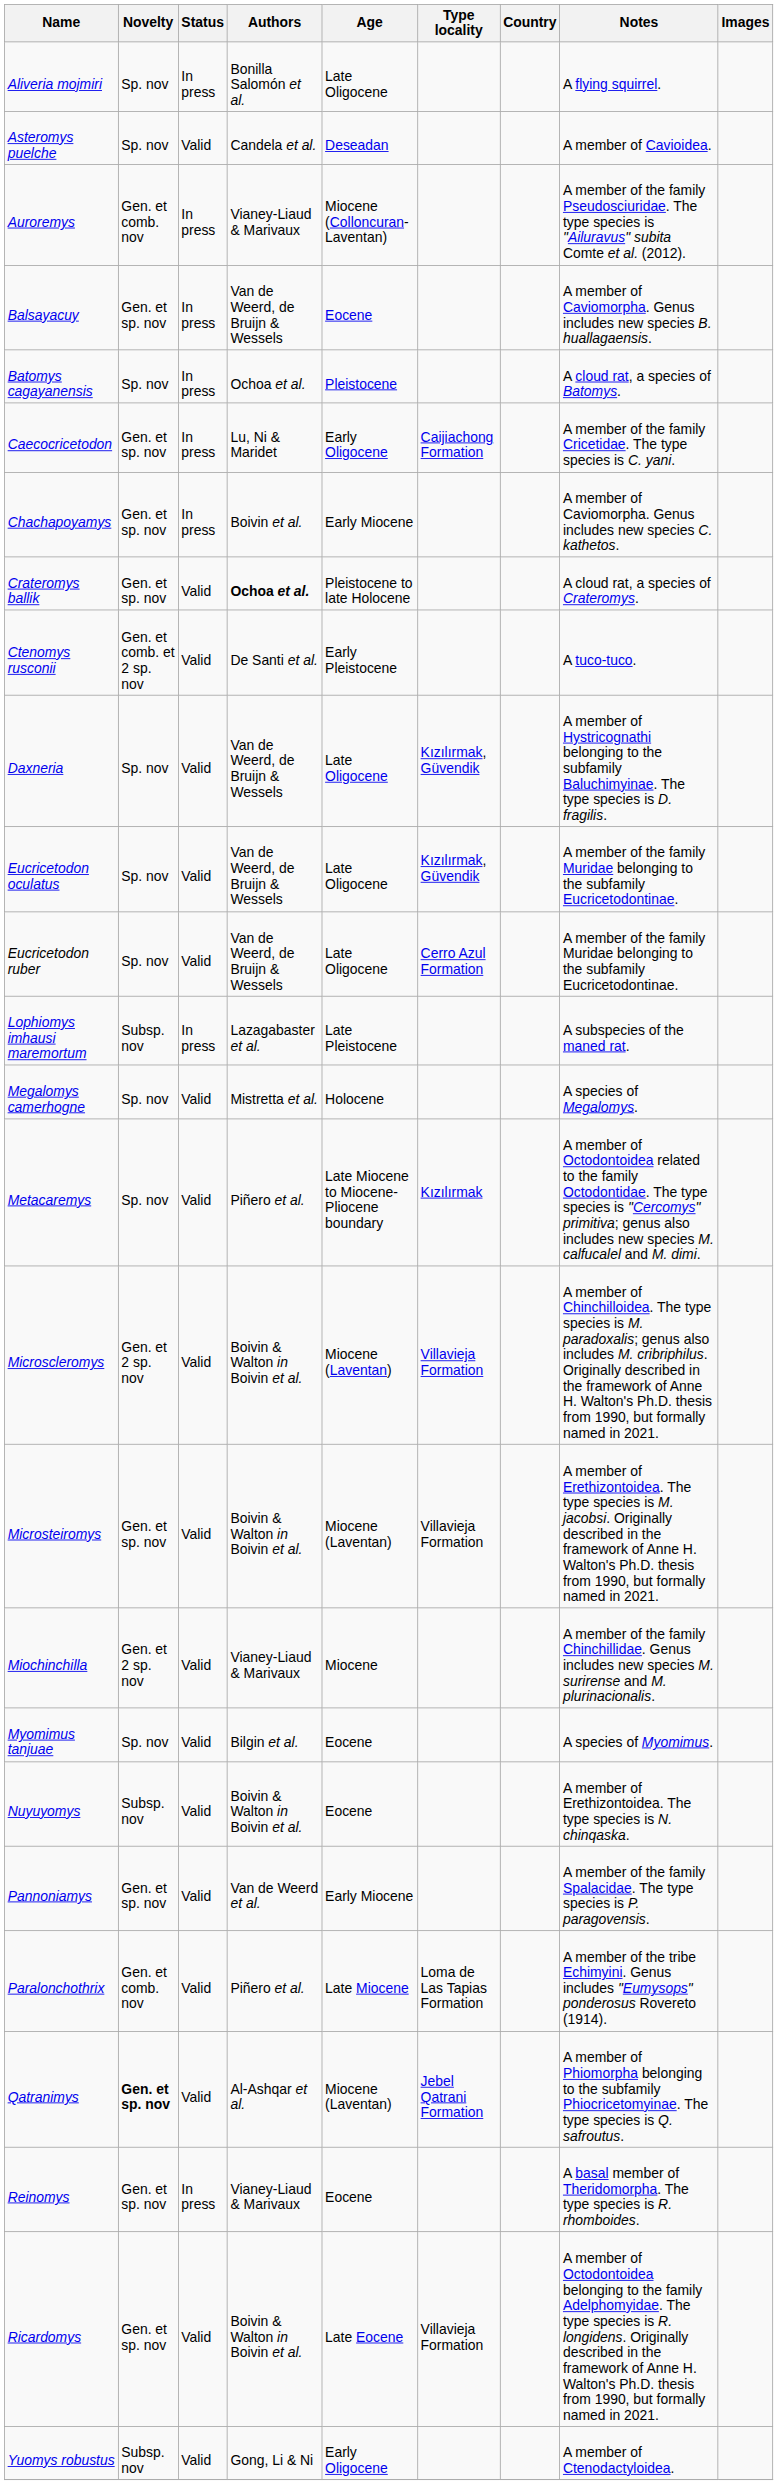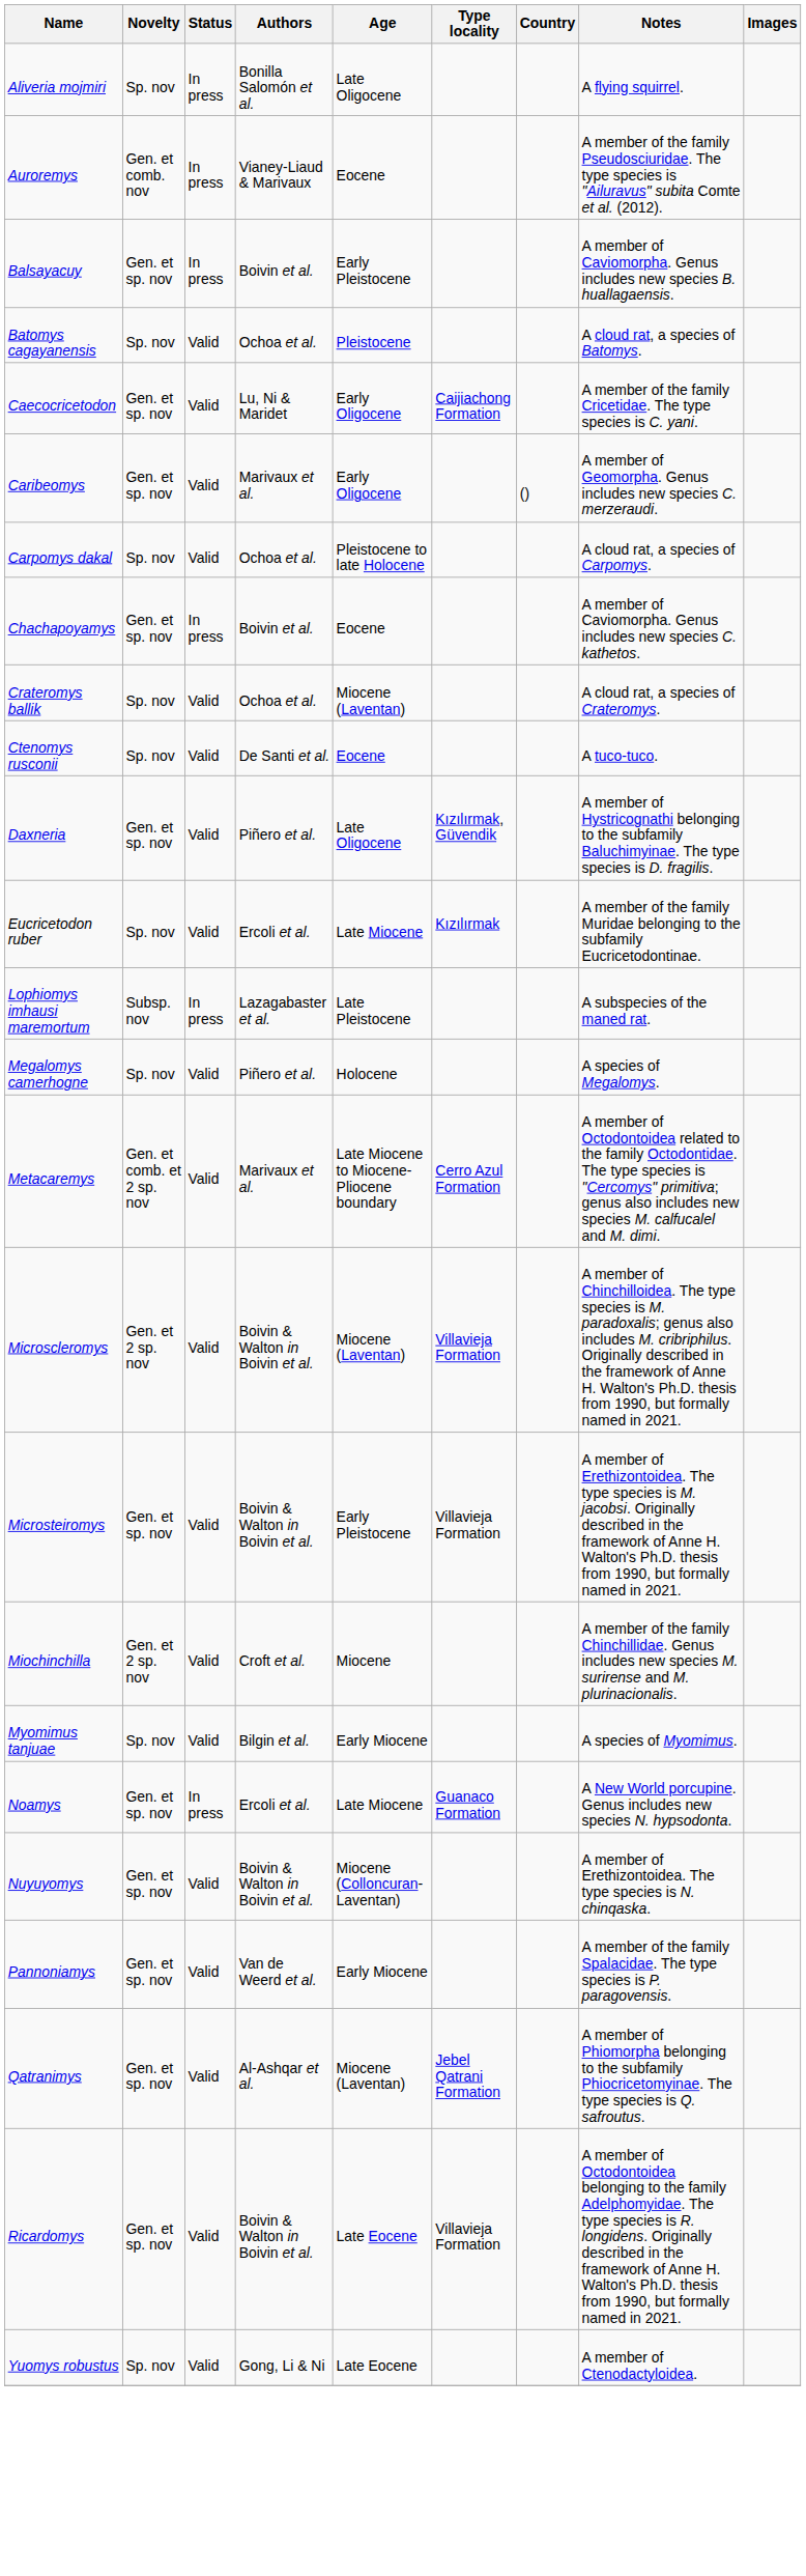 <table class="wikitable sortable" align="center" width="100%">
 <tr>
 <th>Name</th>
 <th>Novelty</th>
 <th>Status</th>
 <th>Authors</th>
 <th>Age</th>
 <th>Type locality</th>
 <th>Country</th>
 <th>Notes</th>
 <th>Images</th>
 </tr>
 <tr>
 <td><br><em><a href='#'>Aliveria mojmiri</a></em></td>
 <td><br>Sp. nov</td>
 <td><br>In press</td>
 <td><br>Bonilla Salomón <em>et al.</em></td>
 <td><br>Late Oligocene</td>
 <td></td>
 <td><br></td>
 <td><br>A <a href='#'>flying squirrel</a>.</td>
 <td></td>
 </tr>
 <tr>
-<td><br><em><a href='#'>Asteromys puelche</a></em></td>
-<td><br>Sp. nov</td>
-<td><br>Valid</td>
-<td><br>Candela <em>et al.</em></td>
-<td><br><a href='#'>Deseadan</a></td>
-<td></td>
-<td><br></td>
-<td><br>A member of <a href='#'>Cavioidea</a>.</td>
-<td></td>
-</tr>
-<tr>
 <td><br><em><a href='#'>Auroremys</a></em></td>
 <td><br>Gen. et comb. nov</td>
 <td><br>In press</td>
 <td><br>Vianey-Liaud & Marivaux</td>
-<td><br>Miocene (<a href='#'>Colloncuran</a>-Laventan)</td>
+<td><br>Eocene</td>
 <td></td>
 <td><br></td>
 <td><br>A member of the family <a href='#'>Pseudosciuridae</a>. The type species is <em>"<a href='#'>Ailuravus</a>" subita</em> Comte <em>et al.</em> (2012).</td>
 <td></td>
 </tr>
 <tr>
 <td><br><em><a href='#'>Balsayacuy</a></em></td>
 <td><br>Gen. et sp. nov</td>
 <td><br>In press</td>
-<td><br>Van de Weerd, de Bruijn & Wessels</td>
-<td><br><a href='#'>Eocene</a></td>
+<td><br>Boivin <em>et al.</em></td>
+<td><br>Early Pleistocene</td>
 <td></td>
 <td><br></td>
 <td><br>A member of <a href='#'>Caviomorpha</a>. Genus includes new species <em>B. huallagaensis</em>.</td>
 <td></td>
 </tr>
 <tr>
 <td><br><em><a href='#'>Batomys cagayanensis</a></em></td>
 <td><br>Sp. nov</td>
-<td><br>In press</td>
+<td><br>Valid</td>
 <td><br>Ochoa <em>et al.</em></td>
 <td><br><a href='#'>Pleistocene</a></td>
 <td></td>
 <td><br></td>
 <td><br>A <a href='#'>cloud rat</a>, a species of <em><a href='#'>Batomys</a></em>.</td>
 <td></td>
 </tr>
 <tr>
 <td><br><em><a href='#'>Caecocricetodon</a></em></td>
 <td><br>Gen. et sp. nov</td>
-<td><br>In press</td>
+<td><br>Valid</td>
 <td><br>Lu, Ni & Maridet</td>
 <td><br>Early <a href='#'>Oligocene</a></td>
 <td><br><a href='#'>Caijiachong Formation</a></td>
 <td><br></td>
 <td><br>A member of the family <a href='#'>Cricetidae</a>. The type species is <em>C. yani</em>.</td>
 <td></td>
 </tr>
 <tr>
+<td><br><em><a href='#'>Caribeomys</a></em></td>
+<td><br>Gen. et sp. nov</td>
+<td><br>Valid</td>
+<td><br>Marivaux <em>et al.</em></td>
+<td><br>Early <a href='#'>Oligocene</a></td>
+<td></td>
+<td><br><br>()</td>
+<td><br>A member of <a href='#'>Geomorpha</a>. Genus includes new species <em>C. merzeraudi</em>.</td>
+<td></td>
+</tr>
+<tr>
+<td><br><em><a href='#'>Carpomys dakal</a></em></td>
+<td><br>Sp. nov</td>
+<td><br>Valid</td>
+<td><br>Ochoa <em>et al.</em></td>
+<td><br>Pleistocene to late <a href='#'>Holocene</a></td>
+<td></td>
+<td><br></td>
+<td><br>A cloud rat, a species of <em><a href='#'>Carpomys</a></em>.</td>
+<td></td>
+</tr>
+<tr>
 <td><br><em><a href='#'>Chachapoyamys</a></em></td>
 <td><br>Gen. et sp. nov</td>
 <td><br>In press</td>
 <td><br>Boivin <em>et al.</em></td>
-<td><br>Early Miocene</td>
+<td><br>Eocene</td>
 <td></td>
 <td><br></td>
 <td><br>A member of Caviomorpha. Genus includes new species <em>C. kathetos</em>.</td>
 <td></td>
 </tr>
 <tr>
 <td><br><em><a href='#'>Crateromys ballik</a></em></td>
-<td><br>Gen. et sp. nov</td>
+<td><br>Sp. nov</td>
 <td><br>Valid</td>
-<td><strong><br>Ochoa <em>et al.</em></strong></td>
-<td><br>Pleistocene to late Holocene</td>
+<td><br>Ochoa <em>et al.</em></td>
+<td><br>Miocene (<a href='#'>Laventan</a>)</td>
 <td></td>
 <td><br></td>
 <td><br>A cloud rat, a species of <em><a href='#'>Crateromys</a></em>.</td>
 <td></td>
 </tr>
 <tr>
 <td><br><em><a href='#'>Ctenomys rusconii</a></em></td>
-<td><br>Gen. et comb. et 2 sp. nov</td>
+<td><br>Sp. nov</td>
 <td><br>Valid</td>
 <td><br>De Santi <em>et al.</em></td>
-<td><br>Early Pleistocene</td>
+<td><br><a href='#'>Eocene</a></td>
 <td></td>
 <td><br></td>
 <td><br>A <a href='#'>tuco-tuco</a>.</td>
 <td></td>
 </tr>
 <tr>
 <td><br><em><a href='#'>Daxneria</a></em></td>
-<td><br>Sp. nov</td>
+<td><br>Gen. et sp. nov</td>
 <td><br>Valid</td>
-<td><br>Van de Weerd, de Bruijn & Wessels</td>
+<td><br>Piñero <em>et al.</em></td>
 <td><br>Late <a href='#'>Oligocene</a></td>
 <td><a href='#'>Kızılırmak</a>, <a href='#'>Güvendik</a></td>
 <td><br></td>
 <td><br>A member of <a href='#'>Hystricognathi</a> belonging to the subfamily <a href='#'>Baluchimyinae</a>. The type species is <em>D. fragilis</em>.</td>
 <td></td>
 </tr>
 <tr>
-<td><br><em><a href='#'>Eucricetodon oculatus</a></em></td>
-<td><br>Sp. nov</td>
-<td><br>Valid</td>
-<td><br>Van de Weerd, de Bruijn & Wessels</td>
-<td><br>Late Oligocene</td>
-<td><a href='#'>Kızılırmak</a>, <a href='#'>Güvendik</a></td>
-<td><br></td>
-<td><br>A member of the family <a href='#'>Muridae</a> belonging to the subfamily <a href='#'>Eucricetodontinae</a>.</td>
-<td></td>
-</tr>
-<tr>
 <td><br><em>Eucricetodon ruber</em></td>
 <td><br>Sp. nov</td>
 <td><br>Valid</td>
-<td><br>Van de Weerd, de Bruijn & Wessels</td>
-<td><br>Late Oligocene</td>
-<td><br><a href='#'>Cerro Azul Formation</a></td>
+<td><br>Ercoli <em>et al.</em></td>
+<td><br>Late <a href='#'>Miocene</a></td>
+<td><a href='#'>Kızılırmak</a></td>
 <td><br></td>
 <td><br>A member of the family Muridae belonging to the subfamily Eucricetodontinae.</td>
 <td></td>
 </tr>
 <tr>
 <td><br><em><a href='#'>Lophiomys imhausi maremortum</a></em></td>
 <td><br>Subsp. nov</td>
 <td><br>In press</td>
 <td><br>Lazagabaster <em>et al.</em></td>
 <td><br>Late Pleistocene</td>
 <td></td>
 <td><br></td>
 <td><br>A subspecies of the <a href='#'>maned rat</a>.</td>
 <td></td>
 </tr>
 <tr>
 <td><br><em><a href='#'>Megalomys camerhogne</a></em></td>
 <td><br>Sp. nov</td>
 <td><br>Valid</td>
-<td><br>Mistretta <em>et al.</em></td>
+<td><br>Piñero <em>et al.</em></td>
 <td><br>Holocene</td>
 <td></td>
 <td><br></td>
 <td><br>A species of <em><a href='#'>Megalomys</a></em>.</td>
 <td></td>
 </tr>
 <tr>
 <td><br><em><a href='#'>Metacaremys</a></em></td>
-<td><br>Sp. nov</td>
+<td><br>Gen. et comb. et 2 sp. nov</td>
 <td><br>Valid</td>
-<td><br>Piñero <em>et al.</em></td>
+<td><br>Marivaux <em>et al.</em></td>
 <td><br>Late Miocene to Miocene-Pliocene boundary</td>
-<td><a href='#'>Kızılırmak</a></td>
+<td><br><a href='#'>Cerro Azul Formation</a></td>
 <td><br><br> </td>
 <td><br>A member of <a href='#'>Octodontoidea</a> related to the family <a href='#'>Octodontidae</a>. The type species is <em>"<a href='#'>Cercomys</a>" primitiva</em>; genus also includes new species <em>M. calfucalel</em> and <em>M. dimi</em>.</td>
 <td></td>
 </tr>
 <tr>
 <td><br><em><a href='#'>Microscleromys</a></em></td>
 <td><br>Gen. et 2 sp. nov</td>
 <td><br>Valid</td>
 <td><br>Boivin & Walton <em>in</em> Boivin <em>et al.</em></td>
 <td><br>Miocene (<a href='#'>Laventan</a>)</td>
 <td><br><a href='#'>Villavieja Formation</a></td>
 <td><br><br> </td>
 <td><br>A member of <a href='#'>Chinchilloidea</a>. The type species is <em>M. paradoxalis</em>; genus also includes <em>M. cribriphilus</em>. Originally described in the framework of Anne H. Walton's Ph.D. thesis from 1990, but formally named in 2021.</td>
 <td></td>
 </tr>
 <tr>
 <td><br><em><a href='#'>Microsteiromys</a></em></td>
 <td><br>Gen. et sp. nov</td>
 <td><br>Valid</td>
 <td><br>Boivin & Walton <em>in</em> Boivin <em>et al.</em></td>
-<td><br>Miocene (Laventan)</td>
+<td><br>Early Pleistocene</td>
 <td><br>Villavieja Formation</td>
 <td><br></td>
 <td><br>A member of <a href='#'>Erethizontoidea</a>. The type species is <em>M. jacobsi</em>. Originally described in the framework of Anne H. Walton's Ph.D. thesis from 1990, but formally named in 2021.</td>
 <td></td>
 </tr>
 <tr>
 <td><br><em><a href='#'>Miochinchilla</a></em></td>
 <td><br>Gen. et 2 sp. nov</td>
 <td><br>Valid</td>
-<td><br>Vianey-Liaud & Marivaux</td>
+<td><br>Croft <em>et al.</em></td>
 <td><br>Miocene</td>
 <td></td>
 <td><br><br> </td>
 <td><br>A member of the family <a href='#'>Chinchillidae</a>. Genus includes new species <em>M. surirense</em> and <em>M. plurinacionalis</em>.</td>
 <td></td>
 </tr>
 <tr>
 <td><br><em><a href='#'>Myomimus tanjuae</a></em></td>
 <td><br>Sp. nov</td>
 <td><br>Valid</td>
 <td><br>Bilgin <em>et al.</em></td>
-<td><br>Eocene</td>
+<td><br>Early Miocene</td>
 <td></td>
 <td><br></td>
 <td><br>A species of <em><a href='#'>Myomimus</a></em>.</td>
 <td></td>
 </tr>
 <tr>
+<td><br><em><a href='#'>Noamys</a></em></td>
+<td><br>Gen. et sp. nov</td>
+<td><br>In press</td>
+<td><br>Ercoli <em>et al.</em></td>
+<td><br>Late Miocene</td>
+<td><br><a href='#'>Guanaco Formation</a></td>
+<td><br></td>
+<td><br>A <a href='#'>New World porcupine</a>. Genus includes new species <em>N. hypsodonta</em>.</td>
+<td></td>
+</tr>
+<tr>
 <td><br><em><a href='#'>Nuyuyomys</a></em></td>
-<td><br>Subsp. nov</td>
+<td><br>Gen. et sp. nov</td>
 <td><br>Valid</td>
 <td><br>Boivin & Walton <em>in</em> Boivin <em>et al.</em></td>
-<td><br>Eocene</td>
+<td><br>Miocene (<a href='#'>Colloncuran</a>-Laventan)</td>
 <td></td>
 <td><br></td>
 <td><br>A member of Erethizontoidea. The type species is <em>N. chinqaska</em>.</td>
 <td></td>
 </tr>
 <tr>
 <td><br><em><a href='#'>Pannoniamys</a></em></td>
 <td><br>Gen. et sp. nov</td>
 <td><br>Valid</td>
 <td><br>Van de Weerd <em>et al.</em></td>
 <td><br>Early Miocene</td>
 <td></td>
 <td><br></td>
 <td><br>A member of the family <a href='#'>Spalacidae</a>. The type species is <em>P. paragovensis</em>.</td>
 <td></td>
 </tr>
 <tr>
-<td><br><em><a href='#'>Paralonchothrix</a></em></td>
-<td><br>Gen. et comb. nov</td>
-<td><br>Valid</td>
-<td><br>Piñero <em>et al.</em></td>
-<td><br>Late <a href='#'>Miocene</a></td>
-<td><br>Loma de Las Tapias Formation</td>
-<td><br><br> </td>
-<td><br>A member of the tribe <a href='#'>Echimyini</a>. Genus includes <em>"<a href='#'>Eumysops</a>" ponderosus</em> Rovereto (1914).</td>
-<td></td>
-</tr>
-<tr>
 <td><br><em><a href='#'>Qatranimys</a></em></td>
-<td><strong><br>Gen. et sp. nov</strong></td>
+<td><br>Gen. et sp. nov</td>
 <td><br>Valid</td>
 <td><br>Al-Ashqar <em>et al.</em></td>
 <td><br>Miocene (Laventan)</td>
 <td><br><a href='#'>Jebel Qatrani Formation</a></td>
 <td><br></td>
 <td><br>A member of <a href='#'>Phiomorpha</a> belonging to the subfamily <a href='#'>Phiocricetomyinae</a>. The type species is <em>Q. safroutus</em>.</td>
-<td></td>
-</tr>
-<tr>
-<td><br><em><a href='#'>Reinomys</a></em></td>
-<td><br>Gen. et sp. nov</td>
-<td><br>In press</td>
-<td><br>Vianey-Liaud & Marivaux</td>
-<td><br>Eocene</td>
-<td></td>
-<td><br></td>
-<td><br>A <a href='#'>basal</a> member of <a href='#'>Theridomorpha</a>. The type species is <em>R. rhomboides</em>.</td>
 <td></td>
 </tr>
 <tr>
 <td><br><em><a href='#'>Ricardomys</a></em></td>
 <td><br>Gen. et sp. nov</td>
 <td><br>Valid</td>
 <td><br>Boivin & Walton <em>in</em> Boivin <em>et al.</em></td>
 <td><br>Late <a href='#'>Eocene</a></td>
 <td><br>Villavieja Formation</td>
 <td><br><br> </td>
 <td><br>A member of <a href='#'>Octodontoidea</a> belonging to the family <a href='#'>Adelphomyidae</a>. The type species is <em>R. longidens</em>. Originally described in the framework of Anne H. Walton's Ph.D. thesis from 1990, but formally named in 2021.</td>
 <td></td>
 </tr>
 <tr>
 <td><br><em><a href='#'>Yuomys robustus</a></em></td>
-<td><br>Subsp. nov</td>
+<td><br>Sp. nov</td>
 <td><br>Valid</td>
 <td><br>Gong, Li & Ni</td>
-<td><br>Early <a href='#'>Oligocene</a></td>
+<td><br>Late Eocene</td>
 <td></td>
 <td><br></td>
 <td><br>A member of <a href='#'>Ctenodactyloidea</a>.</td>
 <td></td>
 </tr>
 <tr>
 </tr>
 </table>
